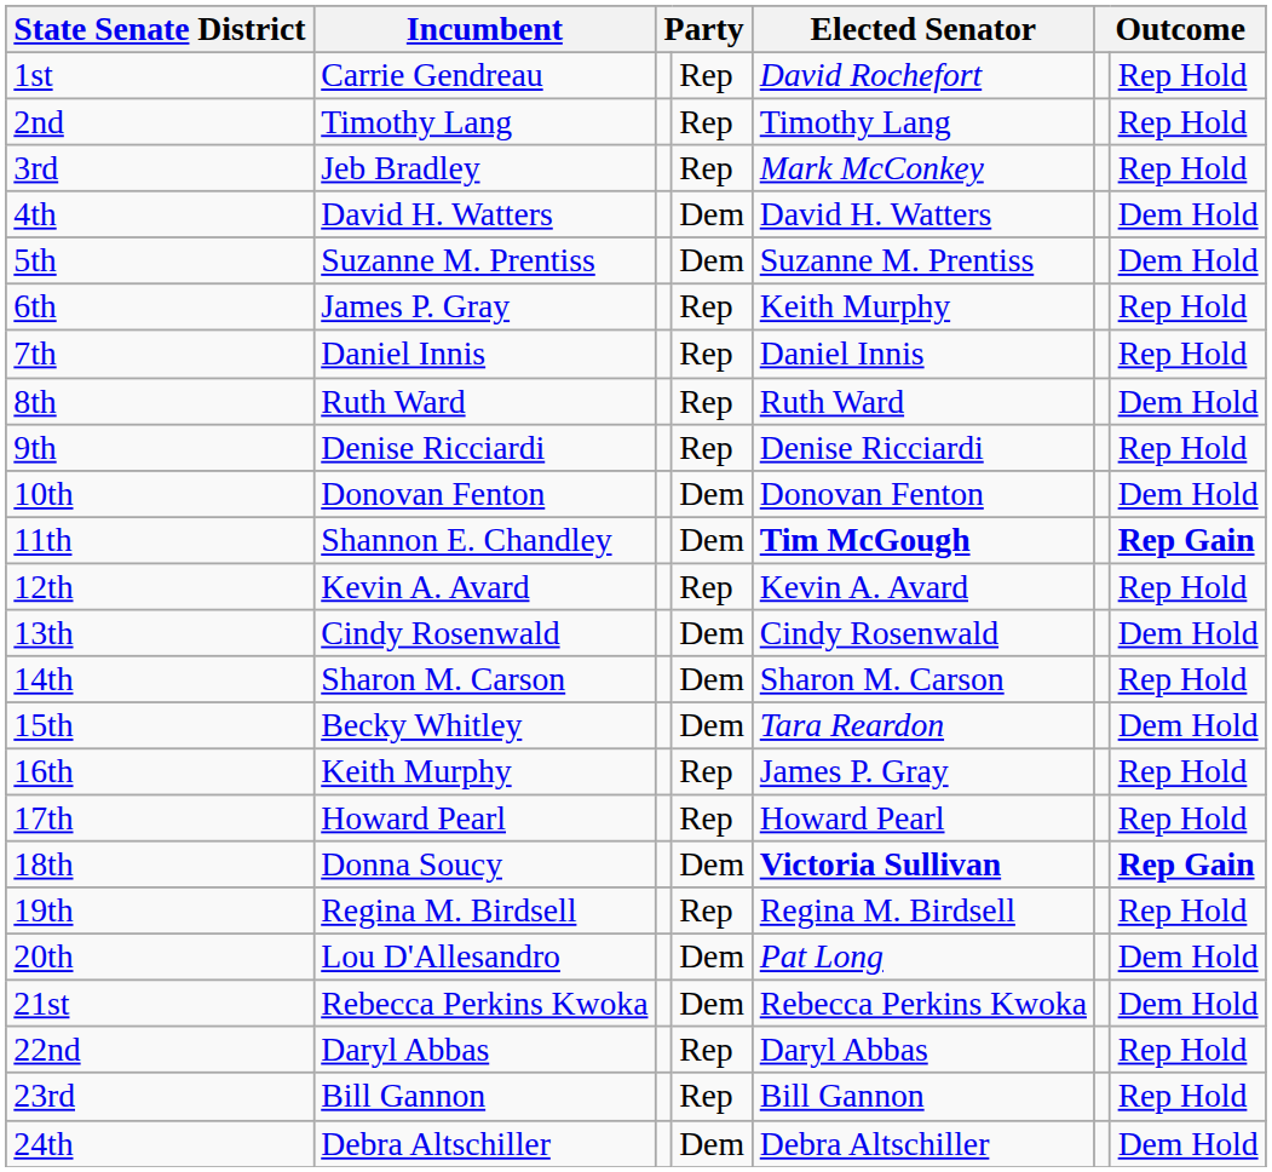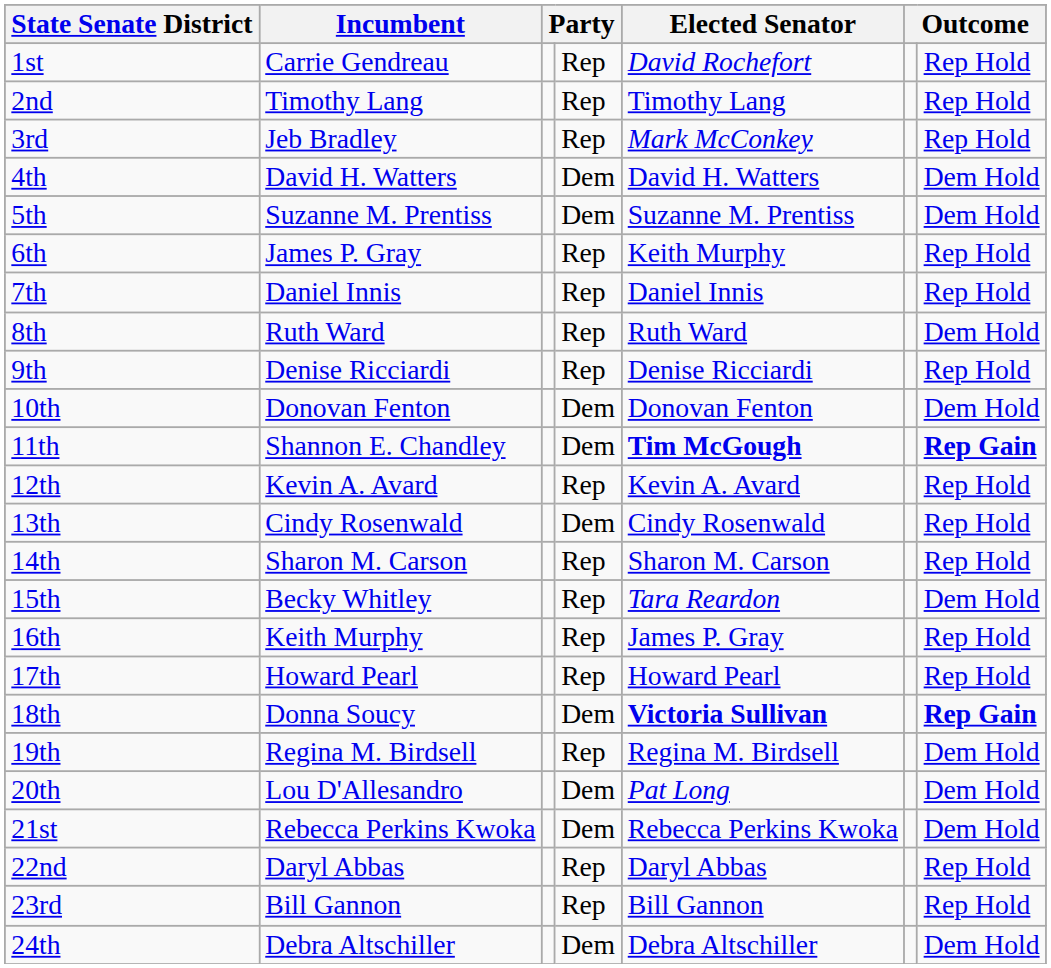 <table class="sortable wikitable" style="font-size:95%;line-height:14px;">
 <tr>
 <th class="sortable"><a href='#'>State Senate</a> District</th>
 <th class="unsortable"><a href='#'>Incumbent</a></th>
 <th colspan="2">Party</th>
 <th class="unsortable">Elected Senator</th>
 <th colspan="2">Outcome</th>
 </tr>
 <tr>
 <td><a href='#'>1st</a></td>
 <td><a href='#'>Carrie Gendreau</a></td>
 <td style="background:"></td>
 <td>Rep</td>
 <td><em><a href='#'>David Rochefort</a></em></td>
 <td style="background:"></td>
 <td><a href='#'>Rep Hold</a></td>
 </tr>
 <tr>
 <td><a href='#'>2nd</a></td>
 <td><a href='#'>Timothy Lang</a></td>
 <td style="background:"></td>
 <td>Rep</td>
 <td><a href='#'>Timothy Lang</a></td>
 <td style="background:"></td>
 <td><a href='#'>Rep Hold</a></td>
 </tr>
 <tr>
 <td><a href='#'>3rd</a></td>
 <td><a href='#'>Jeb Bradley</a></td>
 <td style="background:"></td>
 <td>Rep</td>
 <td><em><a href='#'>Mark McConkey</a></em></td>
 <td style="background:"></td>
 <td><a href='#'>Rep Hold</a></td>
 </tr>
 <tr>
 <td><a href='#'>4th</a></td>
 <td><a href='#'>David H. Watters</a></td>
 <td style="background:"></td>
 <td>Dem</td>
 <td><a href='#'>David H. Watters</a></td>
 <td style="background:"></td>
 <td><a href='#'>Dem Hold</a></td>
 </tr>
 <tr>
 <td><a href='#'>5th</a></td>
 <td><a href='#'>Suzanne M. Prentiss</a></td>
 <td style="background:"></td>
 <td>Dem</td>
 <td><a href='#'>Suzanne M. Prentiss</a></td>
 <td style="background:"></td>
 <td><a href='#'>Dem Hold</a></td>
 </tr>
 <tr>
 <td><a href='#'>6th</a></td>
 <td><a href='#'>James P. Gray</a></td>
 <td style="background:"></td>
 <td>Rep</td>
 <td><a href='#'>Keith Murphy</a></td>
 <td style="background:"></td>
 <td><a href='#'>Rep Hold</a></td>
 </tr>
 <tr>
 <td><a href='#'>7th</a></td>
 <td><a href='#'>Daniel Innis</a></td>
 <td style="background:"></td>
 <td>Rep</td>
 <td><a href='#'>Daniel Innis</a></td>
 <td style="background:"></td>
 <td><a href='#'>Rep Hold</a></td>
 </tr>
 <tr>
 <td><a href='#'>8th</a></td>
 <td><a href='#'>Ruth Ward</a></td>
 <td style="background:"></td>
 <td>Rep</td>
 <td><a href='#'>Ruth Ward</a></td>
 <td style="background:"></td>
 <td><a href='#'>Dem Hold</a></td>
 </tr>
 <tr>
 <td><a href='#'>9th</a></td>
 <td><a href='#'>Denise Ricciardi</a></td>
 <td style="background:"></td>
 <td>Rep</td>
 <td><a href='#'>Denise Ricciardi</a></td>
 <td style="background:"></td>
 <td><a href='#'>Rep Hold</a></td>
 </tr>
 <tr>
 <td><a href='#'>10th</a></td>
 <td><a href='#'>Donovan Fenton</a></td>
 <td style="background:"></td>
 <td>Dem</td>
 <td><a href='#'>Donovan Fenton</a></td>
 <td style="background:"></td>
 <td><a href='#'>Dem Hold</a></td>
 </tr>
 <tr>
 <td><a href='#'>11th</a></td>
 <td><a href='#'>Shannon E. Chandley</a></td>
 <td style="background:"></td>
 <td>Dem</td>
 <td><strong><a href='#'>Tim McGough</a></strong></td>
 <td style="background:"></td>
 <td><strong><a href='#'>Rep Gain</a></strong></td>
 </tr>
 <tr>
 <td><a href='#'>12th</a></td>
 <td><a href='#'>Kevin A. Avard</a></td>
 <td style="background:"></td>
 <td>Rep</td>
 <td><a href='#'>Kevin A. Avard</a></td>
 <td style="background:"></td>
 <td><a href='#'>Rep Hold</a></td>
 </tr>
 <tr>
 <td><a href='#'>13th</a></td>
 <td><a href='#'>Cindy Rosenwald</a></td>
 <td style="background:"></td>
 <td>Dem</td>
 <td><a href='#'>Cindy Rosenwald</a></td>
 <td style="background:"></td>
-<td><a href='#'>Dem Hold</a></td>
+<td><a href='#'>Rep Hold</a></td>
 </tr>
 <tr>
 <td><a href='#'>14th</a></td>
 <td><a href='#'>Sharon M. Carson</a></td>
 <td style="background:"></td>
-<td>Dem</td>
+<td>Rep</td>
 <td><a href='#'>Sharon M. Carson</a></td>
 <td style="background:"></td>
 <td><a href='#'>Rep Hold</a></td>
 </tr>
 <tr>
 <td><a href='#'>15th</a></td>
 <td><a href='#'>Becky Whitley</a></td>
 <td style="background:"></td>
-<td>Dem</td>
+<td>Rep</td>
 <td><em><a href='#'>Tara Reardon</a></em></td>
 <td style="background:"></td>
 <td><a href='#'>Dem Hold</a></td>
 </tr>
 <tr>
 <td><a href='#'>16th</a></td>
 <td><a href='#'>Keith Murphy</a></td>
 <td style="background:"></td>
 <td>Rep</td>
 <td><a href='#'>James P. Gray</a></td>
 <td style="background:"></td>
 <td><a href='#'>Rep Hold</a></td>
 </tr>
 <tr>
 <td><a href='#'>17th</a></td>
 <td><a href='#'>Howard Pearl</a></td>
 <td style="background:"></td>
 <td>Rep</td>
 <td><a href='#'>Howard Pearl</a></td>
 <td style="background:"></td>
 <td><a href='#'>Rep Hold</a></td>
 </tr>
 <tr>
 <td><a href='#'>18th</a></td>
 <td><a href='#'>Donna Soucy</a></td>
 <td style="background:"></td>
 <td>Dem</td>
 <td><strong><a href='#'>Victoria Sullivan</a></strong></td>
 <td style="background:"></td>
 <td><strong><a href='#'>Rep Gain</a></strong></td>
 </tr>
 <tr>
 <td><a href='#'>19th</a></td>
 <td><a href='#'>Regina M. Birdsell</a></td>
 <td style="background:"></td>
 <td>Rep</td>
 <td><a href='#'>Regina M. Birdsell</a></td>
 <td style="background:"></td>
-<td><a href='#'>Rep Hold</a></td>
+<td><a href='#'>Dem Hold</a></td>
 </tr>
 <tr>
 <td><a href='#'>20th</a></td>
 <td><a href='#'>Lou D'Allesandro</a></td>
 <td style="background:"></td>
 <td>Dem</td>
 <td><em><a href='#'>Pat Long</a></em></td>
 <td style="background:"></td>
 <td><a href='#'>Dem Hold</a></td>
 </tr>
 <tr>
 <td><a href='#'>21st</a></td>
 <td><a href='#'>Rebecca Perkins Kwoka</a></td>
 <td style="background:"></td>
 <td>Dem</td>
 <td><a href='#'>Rebecca Perkins Kwoka</a></td>
 <td style="background:"></td>
 <td><a href='#'>Dem Hold</a></td>
 </tr>
 <tr>
 <td><a href='#'>22nd</a></td>
 <td><a href='#'>Daryl Abbas</a></td>
 <td style="background:"></td>
 <td>Rep</td>
 <td><a href='#'>Daryl Abbas</a></td>
 <td style="background:"></td>
 <td><a href='#'>Rep Hold</a></td>
 </tr>
 <tr>
 <td><a href='#'>23rd</a></td>
 <td><a href='#'>Bill Gannon</a></td>
 <td style="background:"></td>
 <td>Rep</td>
 <td><a href='#'>Bill Gannon</a></td>
 <td style="background:"></td>
 <td><a href='#'>Rep Hold</a></td>
 </tr>
 <tr>
 <td><a href='#'>24th</a></td>
 <td><a href='#'>Debra Altschiller</a></td>
 <td style="background:"></td>
 <td>Dem</td>
 <td><a href='#'>Debra Altschiller</a></td>
 <td style="background:"></td>
 <td><a href='#'>Dem Hold</a></td>
 </tr>
 </table>
